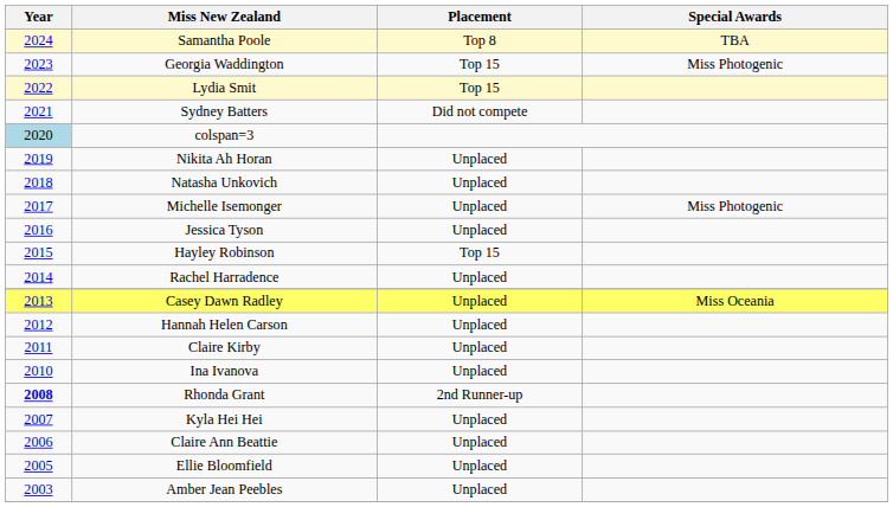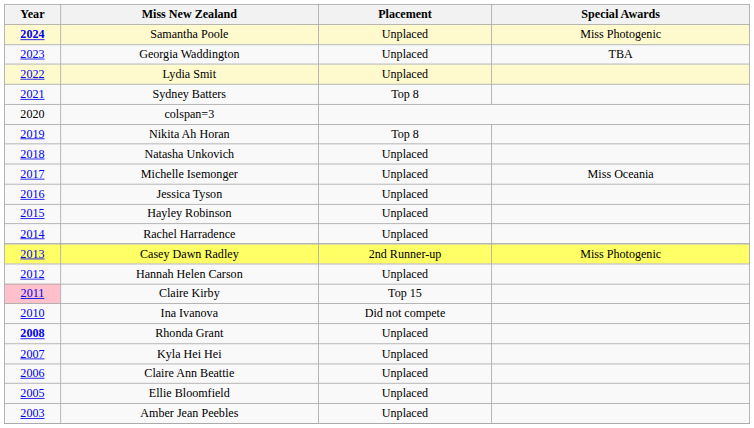 <table class="wikitable sortable" style="font-size: 90%; text-align:center;">
 <tr>
 <th width="60">Year</th>
 <th width="300">Miss New Zealand</th>
 <th width="200">Placement</th>
 <th width="300">Special Awards</th>
 </tr>
 <tr style="background-color:#FFFACD;">
-<td><a href='#'>2024</a></td>
+<td><strong><a href='#'>2024</a></strong></td>
 <td>Samantha Poole</td>
-<td>Top 8</td>
-<td>TBA</td>
+<td>Unplaced</td>
+<td>Miss Photogenic</td>
 </tr>
 <tr>
 <td><a href='#'>2023</a></td>
 <td>Georgia Waddington</td>
-<td>Top 15</td>
-<td>Miss Photogenic</td>
+<td>Unplaced</td>
+<td>TBA</td>
 </tr>
 <tr style="background-color:#FFFACD;">
 <td><a href='#'>2022</a></td>
 <td>Lydia Smit</td>
-<td>Top 15</td>
+<td>Unplaced</td>
 <td></td>
 </tr>
 <tr>
 <td><a href='#'>2021</a></td>
 <td>Sydney Batters</td>
-<td>Did not compete</td>
+<td>Top 8</td>
 <td></td>
 </tr>
 <tr>
-<td style="background: lightblue;">2020</td>
+<td>2020</td>
 <td>colspan=3 </td>
 </tr>
 <tr>
 <td><a href='#'>2019</a></td>
 <td>Nikita Ah Horan</td>
-<td>Unplaced</td>
+<td>Top 8</td>
 <td></td>
 </tr>
 <tr>
 <td><a href='#'>2018</a></td>
 <td>Natasha Unkovich</td>
 <td>Unplaced</td>
 <td></td>
 </tr>
 <tr>
 <td><a href='#'>2017</a></td>
 <td>Michelle Isemonger</td>
 <td>Unplaced</td>
-<td>Miss Photogenic</td>
+<td>Miss Oceania</td>
 </tr>
 <tr>
 <td><a href='#'>2016</a></td>
 <td>Jessica Tyson</td>
 <td>Unplaced</td>
 <td></td>
 </tr>
 <tr>
 <td><a href='#'>2015</a></td>
 <td>Hayley Robinson</td>
-<td>Top 15</td>
+<td>Unplaced</td>
 <td></td>
 </tr>
 <tr>
 <td><a href='#'>2014</a></td>
 <td>Rachel Harradence</td>
 <td>Unplaced</td>
 <td></td>
 </tr>
 <tr>
 </tr>
 <tr style="background-color:#FFFF66;">
 <td><a href='#'>2013</a></td>
 <td>Casey Dawn Radley</td>
-<td>Unplaced</td>
-<td>Miss Oceania</td>
+<td>2nd Runner-up</td>
+<td>Miss Photogenic</td>
 </tr>
 <tr>
 <td><a href='#'>2012</a></td>
 <td>Hannah Helen Carson</td>
 <td>Unplaced</td>
 <td></td>
 </tr>
 <tr>
-<td><a href='#'>2011</a></td>
+<td style="background: pink;"><a href='#'>2011</a></td>
 <td>Claire Kirby</td>
-<td>Unplaced</td>
+<td>Top 15</td>
 <td></td>
 </tr>
 <tr>
 <td><a href='#'>2010</a></td>
 <td>Ina Ivanova</td>
-<td>Unplaced</td>
+<td>Did not compete</td>
 <td></td>
 </tr>
 <tr>
 <td><strong><a href='#'>2008</a></strong></td>
 <td>Rhonda Grant</td>
-<td>2nd Runner-up</td>
+<td>Unplaced</td>
 <td></td>
 </tr>
 <tr>
 <td><a href='#'>2007</a></td>
 <td>Kyla Hei Hei</td>
 <td>Unplaced</td>
 <td></td>
 </tr>
 <tr>
 <td><a href='#'>2006</a></td>
 <td>Claire Ann Beattie</td>
 <td>Unplaced</td>
 <td></td>
 </tr>
 <tr>
 <td><a href='#'>2005</a></td>
 <td>Ellie Bloomfield</td>
 <td>Unplaced</td>
 <td></td>
 </tr>
 <tr>
 <td><a href='#'>2003</a></td>
 <td>Amber Jean Peebles</td>
 <td>Unplaced</td>
 <td></td>
 </tr>
 <tr>
 </tr>
 </table>
